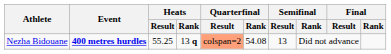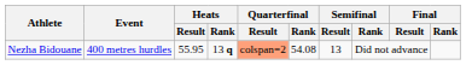 <table class="wikitable" style="font-size:90%">
 <tr>
 <th rowspan="2">Athlete</th>
 <th rowspan="2">Event</th>
 <th colspan="2">Heats</th>
 <th colspan="2">Quarterfinal</th>
 <th colspan="2">Semifinal</th>
 <th colspan="2">Final</th>
 </tr>
 <tr style="font-size:95%">
 <th>Result</th>
 <th>Rank</th>
 <th>Result</th>
 <th>Rank</th>
 <th>Result</th>
 <th>Rank</th>
 <th>Result</th>
 <th>Rank</th>
 </tr>
 <tr align=center>
 <td align=left><a href='#'>Nezha Bidouane</a></td>
-<td align=left><strong><a href='#'>400 metres hurdles</a></strong></td>
-<td>55.25</td>
+<td align=left><a href='#'>400 metres hurdles</a></td>
+<td>55.95</td>
 <td>13 <strong>q</strong></td>
 <td style="background: lightsalmon;">colspan=2</td>
 <td>54.08</td>
 <td>13</td>
 <td colspan=2>Did not advance</td>
 </tr>
 </table>
